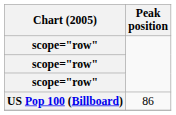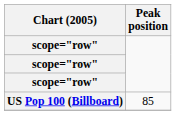 <table class="wikitable sortable plainrowheaders" style="text-align:center;">
 <tr>
 <th scope="col">Chart (2005)</th>
 <th scope="col">Peak<br>position</th>
 </tr>
 <tr>
 <th>scope="row"</th>
 </tr>
 <tr>
 <th>scope="row"</th>
 </tr>
 <tr>
 <th>scope="row"</th>
 </tr>
 <tr>
 <th scope="row">US <a href='#'>Pop 100</a> (<a href='#'>Billboard</a>)</th>
-<td>86</td>
+<td>85</td>
 </tr>
 <tr>
 </tr>
 </table>
